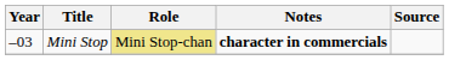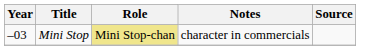 <table class="wikitable sortable plainrowheaders">
 <tr>
 <th>Year</th>
 <th>Title</th>
 <th>Role</th>
 <th class="unsortable">Notes</th>
 <th class="unsortable">Source</th>
 </tr>
 <tr>
 <td>–03</td>
 <td><em>Mini Stop</em></td>
 <td style="background: khaki;">Mini Stop-chan</td>
-<td><strong>character in commercials</strong></td>
+<td>character in commercials</td>
 <td></td>
 </tr>
 <tr>
 </tr>
 </table>
